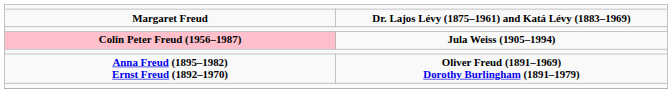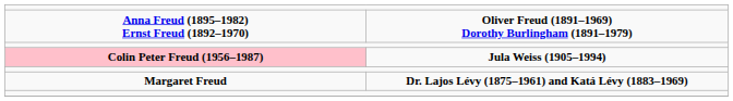 <table class="wikitable";>
 <tr>
 <td colspan="2"></td>
 </tr>
 <tr>
-<td style="width:30em; text-align:center;"><strong>Margaret Freud</strong></td>
-<td style="width:30em; text-align:center;"><strong>Dr. Lajos Lévy (1875–1961) and Katá Lévy (1883–1969)</strong></td>
+<td style="width:30em; text-align:center;"><strong><a href='#'>Anna Freud</a> (1895–1982)<br><a href='#'>Ernst Freud</a> (1892–1970)</strong></td>
+<td style="width:30em; text-align:center;"><strong>Oliver Freud (1891–1969)<br><a href='#'>Dorothy Burlingham</a> (1891–1979)</strong></td>
 </tr>
 <tr>
 <td colspan="2"></td>
 </tr>
 <tr>
 <td style="background: pink; width:30em; text-align:center;"><strong>Colin Peter Freud (1956–1987)</strong></td>
 <td style="width:30em; text-align:center;"><strong>Jula Weiss (1905–1994)</strong></td>
 </tr>
 <tr>
 <td colspan="2"></td>
 </tr>
 <tr>
-<td style="width:30em; text-align:center;"><strong><a href='#'>Anna Freud</a> (1895–1982)<br><a href='#'>Ernst Freud</a> (1892–1970)</strong></td>
-<td style="width:30em; text-align:center;"><strong>Oliver Freud (1891–1969)<br><a href='#'>Dorothy Burlingham</a> (1891–1979)</strong></td>
+<td style="width:30em; text-align:center;"><strong>Margaret Freud</strong></td>
+<td style="width:30em; text-align:center;"><strong>Dr. Lajos Lévy (1875–1961) and Katá Lévy (1883–1969)</strong></td>
 </tr>
 <tr>
 <td colspan="2"></td>
 </tr>
 <tr>
 </tr>
 </table>
